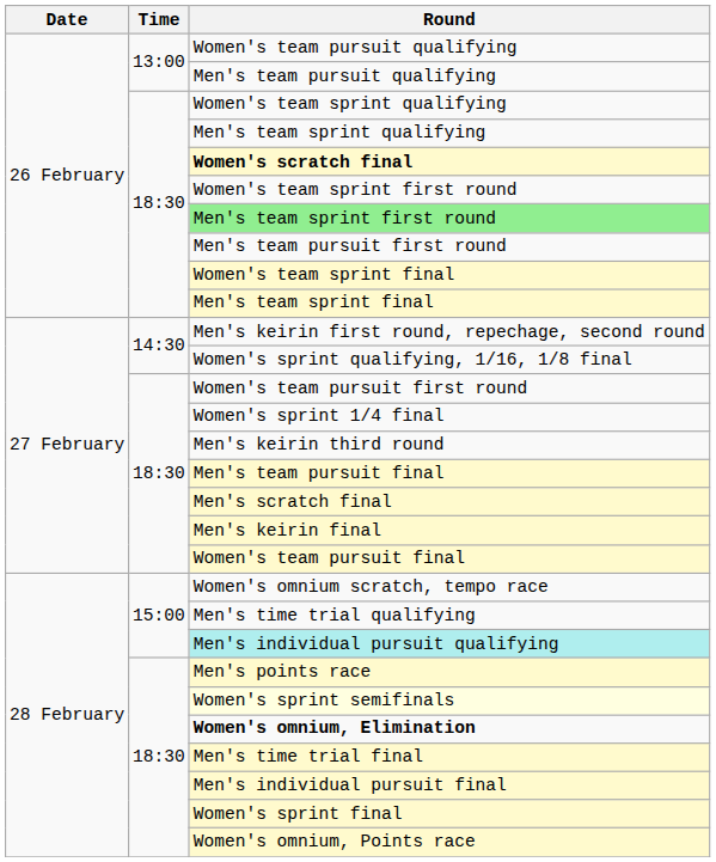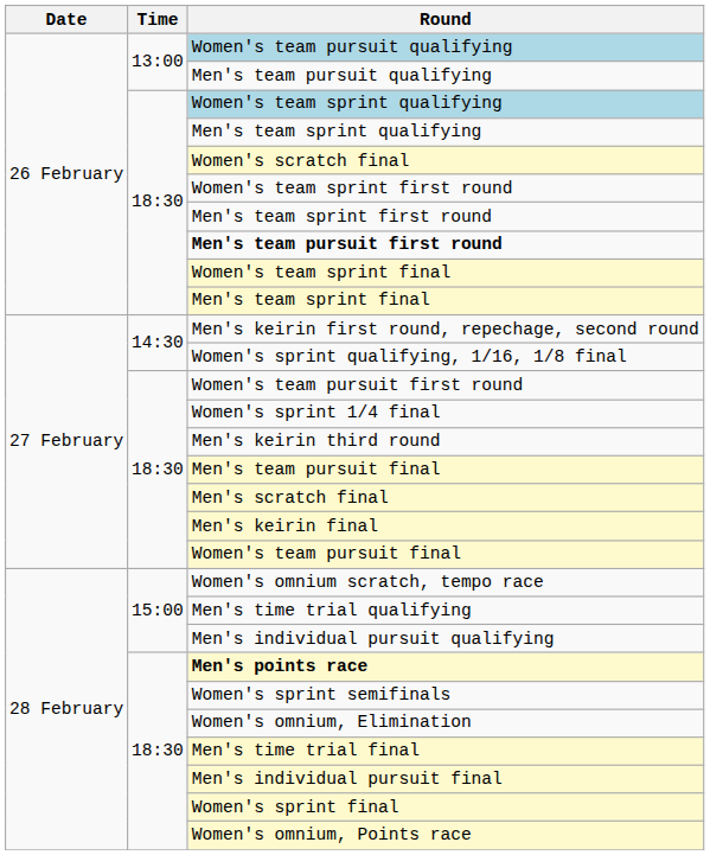 <table class="wikitable">
 <tr>
 <th>Date</th>
 <th>Time</th>
 <th>Round</th>
 </tr>
 <tr>
 <td rowspan=10>26 February</td>
 <td rowspan=2>13:00</td>
-<td>Women's team pursuit qualifying</td>
+<td style="background: lightblue;">Women's team pursuit qualifying</td>
 </tr>
 <tr>
 <td>Men's team pursuit qualifying</td>
 </tr>
 <tr>
 <td rowspan=8>18:30</td>
-<td>Women's team sprint qualifying</td>
+<td style="background: lightblue;">Women's team sprint qualifying</td>
 </tr>
 <tr>
 <td>Men's team sprint qualifying</td>
 </tr>
 <tr>
-<td style="background:lemonchiffon"><strong>Women's scratch final</strong></td>
+<td style="background:lemonchiffon">Women's scratch final</td>
 </tr>
 <tr>
 <td>Women's team sprint first round</td>
 </tr>
 <tr>
-<td style="background: lightgreen;">Men's team sprint first round</td>
+<td>Men's team sprint first round</td>
 </tr>
 <tr>
-<td>Men's team pursuit first round</td>
+<td><strong>Men's team pursuit first round</strong></td>
 </tr>
 <tr>
 <td style="background:lemonchiffon">Women's team sprint final</td>
 </tr>
 <tr>
 <td style="background:lemonchiffon">Men's team sprint final</td>
 </tr>
 <tr>
 <td rowspan=9>27 February</td>
 <td rowspan=2>14:30</td>
 <td>Men's keirin first round, repechage, second round</td>
 </tr>
 <tr>
 <td>Women's sprint qualifying, 1/16, 1/8 final</td>
 </tr>
 <tr>
 <td rowspan=7>18:30</td>
 <td>Women's team pursuit first round</td>
 </tr>
 <tr>
 <td>Women's sprint 1/4 final</td>
 </tr>
 <tr>
 <td>Men's keirin third round</td>
 </tr>
 <tr>
 <td style="background:lemonchiffon">Men's team pursuit final</td>
 </tr>
 <tr>
 <td style="background:lemonchiffon">Men's scratch final</td>
 </tr>
 <tr>
 <td style="background:lemonchiffon">Men's keirin final</td>
 </tr>
 <tr>
 <td style="background:lemonchiffon">Women's team pursuit final</td>
 </tr>
 <tr>
 <td rowspan=10>28 February</td>
 <td rowspan=3>15:00</td>
 <td>Women's omnium scratch, tempo race</td>
 </tr>
 <tr>
 <td>Men's time trial qualifying</td>
 </tr>
 <tr>
-<td style="background: paleturquoise;">Men's individual pursuit qualifying</td>
+<td>Men's individual pursuit qualifying</td>
 </tr>
 <tr>
 <td rowspan=7>18:30</td>
-<td style="background:lemonchiffon">Men's points race</td>
+<td style="background:lemonchiffon"><strong>Men's points race</strong></td>
 </tr>
 <tr>
-<td style="background: lightyellow;">Women's sprint semifinals</td>
+<td>Women's sprint semifinals</td>
 </tr>
 <tr>
-<td><strong>Women's omnium, Elimination</strong></td>
+<td>Women's omnium, Elimination</td>
 </tr>
 <tr>
 <td style="background:lemonchiffon">Men's time trial final</td>
 </tr>
 <tr>
 <td style="background:lemonchiffon">Men's individual pursuit final</td>
 </tr>
 <tr>
 <td style="background:lemonchiffon">Women's sprint final</td>
 </tr>
 <tr>
 <td style="background:lemonchiffon">Women's omnium, Points race</td>
 </tr>
 </table>
